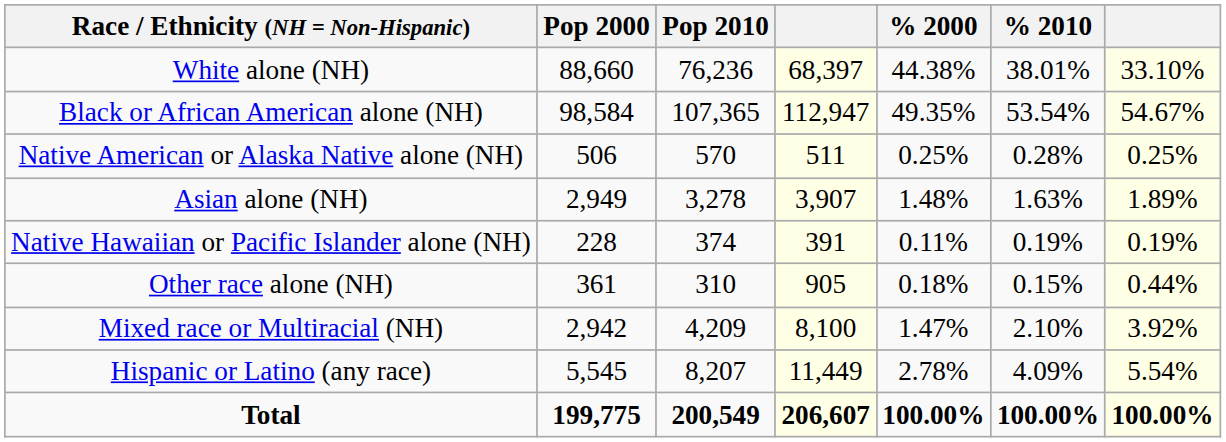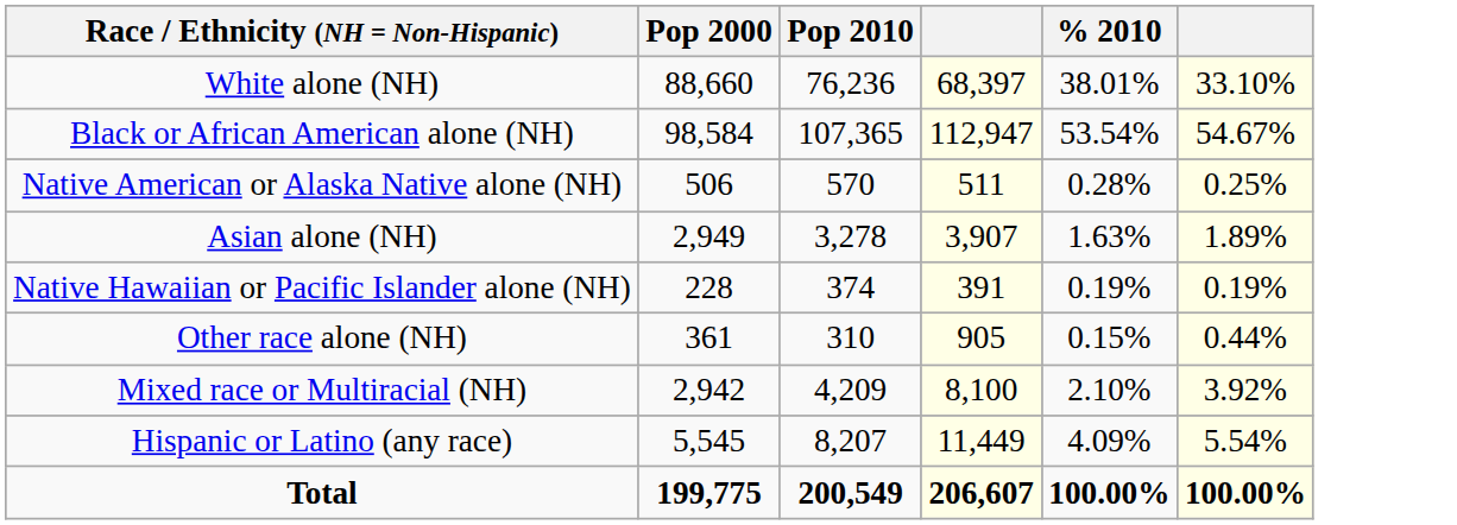 <table class="wikitable" style="text-align:center;">
 <tr>
 <th>Race / Ethnicity <small>(<em>NH = Non-Hispanic</em>)</small></th>
 <th>Pop 2000</th>
 <th>Pop 2010</th>
 <th></th>
-<th>% 2000</th>
 <th>% 2010</th>
 <th></th>
 </tr>
 <tr>
 <td><a href='#'>White</a> alone (NH)</td>
 <td>88,660</td>
 <td>76,236</td>
 <td style='background: #ffffe6;'>68,397</td>
-<td>44.38%</td>
 <td>38.01%</td>
 <td style='background: #ffffe6;'>33.10%</td>
 </tr>
 <tr>
 <td><a href='#'>Black or African American</a> alone (NH)</td>
 <td>98,584</td>
 <td>107,365</td>
 <td style='background: #ffffe6;'>112,947</td>
-<td>49.35%</td>
 <td>53.54%</td>
 <td style='background: #ffffe6;'>54.67%</td>
 </tr>
 <tr>
 <td><a href='#'>Native American</a> or <a href='#'>Alaska Native</a> alone (NH)</td>
 <td>506</td>
 <td>570</td>
 <td style='background: #ffffe6;'>511</td>
-<td>0.25%</td>
 <td>0.28%</td>
 <td style='background: #ffffe6;'>0.25%</td>
 </tr>
 <tr>
 <td><a href='#'>Asian</a> alone (NH)</td>
 <td>2,949</td>
 <td>3,278</td>
 <td style='background: #ffffe6;'>3,907</td>
-<td>1.48%</td>
 <td>1.63%</td>
 <td style='background: #ffffe6;'>1.89%</td>
 </tr>
 <tr>
 <td><a href='#'>Native Hawaiian</a> or <a href='#'>Pacific Islander</a> alone (NH)</td>
 <td>228</td>
 <td>374</td>
 <td style='background: #ffffe6;'>391</td>
-<td>0.11%</td>
 <td>0.19%</td>
 <td style='background: #ffffe6;'>0.19%</td>
 </tr>
 <tr>
 <td><a href='#'>Other race</a> alone (NH)</td>
 <td>361</td>
 <td>310</td>
 <td style='background: #ffffe6;'>905</td>
-<td>0.18%</td>
 <td>0.15%</td>
 <td style='background: #ffffe6;'>0.44%</td>
 </tr>
 <tr>
 <td><a href='#'>Mixed race or Multiracial</a> (NH)</td>
 <td>2,942</td>
 <td>4,209</td>
 <td style='background: #ffffe6;'>8,100</td>
-<td>1.47%</td>
 <td>2.10%</td>
 <td style='background: #ffffe6;'>3.92%</td>
 </tr>
 <tr>
 <td><a href='#'>Hispanic or Latino</a> (any race)</td>
 <td>5,545</td>
 <td>8,207</td>
 <td style='background: #ffffe6;'>11,449</td>
-<td>2.78%</td>
 <td>4.09%</td>
 <td style='background: #ffffe6;'>5.54%</td>
 </tr>
 <tr>
 <td><strong>Total</strong></td>
 <td><strong>199,775</strong></td>
 <td><strong>200,549</strong></td>
 <td style='background: #ffffe6;'><strong>206,607</strong></td>
 <td><strong>100.00%</strong></td>
-<td><strong>100.00%</strong></td>
 <td style='background: #ffffe6;'><strong>100.00%</strong></td>
 </tr>
 </table>
